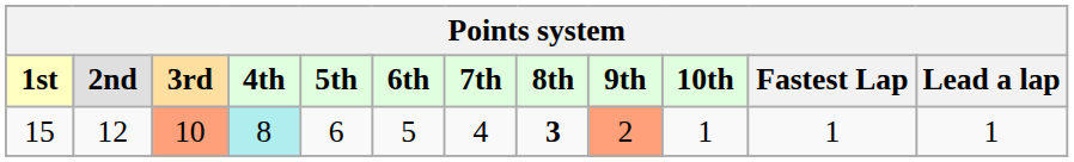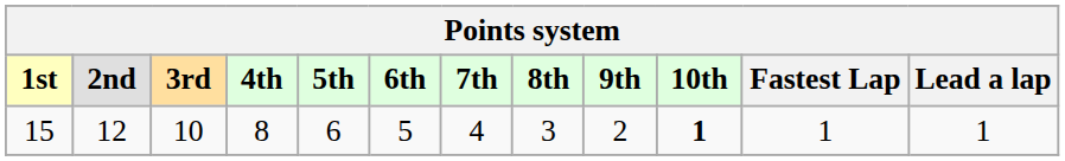 <table class="wikitable" style="font-size: 85%; text-align: center;">
 <tr>
 <th colspan=19>Points system</th>
 </tr>
 <tr>
 <td style="background:#ffffbf;"> <strong>1st</strong> </td>
 <td style="background:#dfdfdf;"> <strong>2nd</strong> </td>
 <td style="background:#ffdf9f;"> <strong>3rd</strong> </td>
 <td style="background:#dfffdf;"> <strong>4th</strong> </td>
 <td style="background:#dfffdf;"> <strong>5th</strong> </td>
 <td style="background:#dfffdf;"> <strong>6th</strong> </td>
 <td style="background:#dfffdf;"> <strong>7th</strong> </td>
 <td style="background:#dfffdf;"> <strong>8th</strong> </td>
 <td style="background:#dfffdf;"> <strong>9th</strong> </td>
 <td style="background:#dfffdf;"> <strong>10th</strong> </td>
 <th>Fastest Lap</th>
 <th>Lead a lap</th>
 </tr>
 <tr>
 <td>15</td>
 <td>12</td>
-<td style="background: lightsalmon;">10</td>
-<td style="background: paleturquoise;">8</td>
+<td>10</td>
+<td>8</td>
 <td>6</td>
 <td>5</td>
 <td>4</td>
-<td><strong>3</strong></td>
-<td style="background: lightsalmon;">2</td>
-<td>1</td>
+<td>3</td>
+<td>2</td>
+<td><strong>1</strong></td>
 <td>1</td>
 <td>1</td>
 </tr>
 </table>
